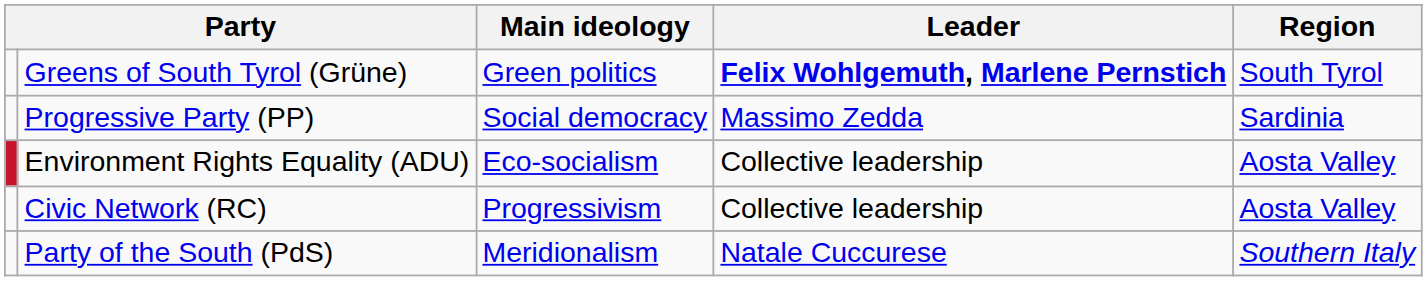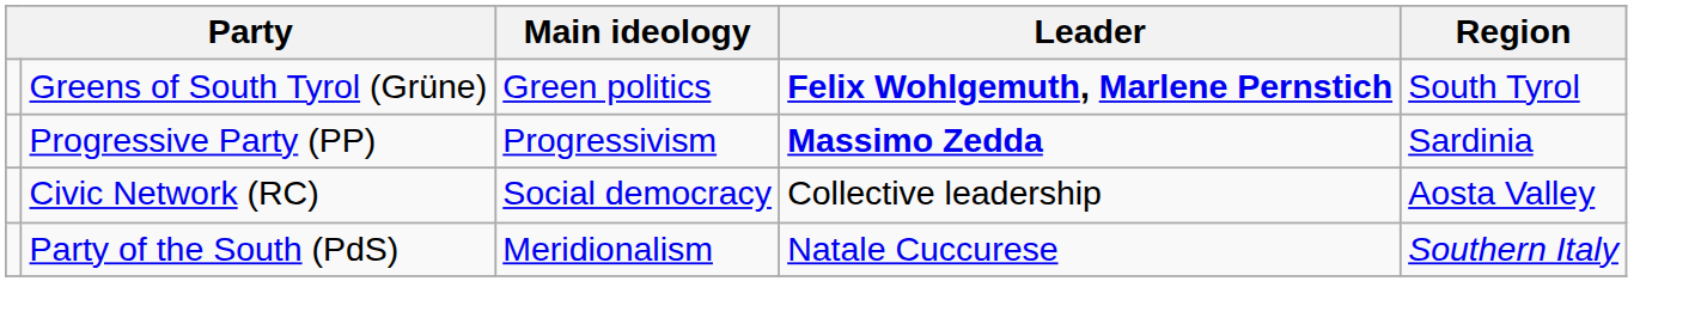 <table class=wikitable style=text-align:left>
 <tr>
 <th colspan=2>Party</th>
 <th>Main ideology</th>
 <th>Leader</th>
 <th>Region</th>
 </tr>
 <tr>
 <td></td>
 <td><a href='#'>Greens of South Tyrol</a> (Grüne)</td>
 <td><a href='#'>Green politics</a></td>
 <td><strong><a href='#'>Felix Wohlgemuth</a>, <a href='#'>Marlene Pernstich</a></strong></td>
 <td><a href='#'>South Tyrol</a></td>
 </tr>
 <tr>
 <td></td>
 <td><a href='#'>Progressive Party</a> (PP)</td>
-<td><a href='#'>Social democracy</a></td>
-<td><a href='#'>Massimo Zedda</a></td>
+<td><a href='#'>Progressivism</a></td>
+<td><strong><a href='#'>Massimo Zedda</a></strong></td>
 <td><a href='#'>Sardinia</a></td>
-</tr>
-<tr>
-<td bgcolor="#c7142a"></td>
-<td>Environment Rights Equality (ADU)</td>
-<td><a href='#'>Eco-socialism</a></td>
-<td>Collective leadership</td>
-<td><a href='#'>Aosta Valley</a></td>
 </tr>
 <tr>
 <td></td>
 <td><a href='#'>Civic Network</a> (RC)</td>
-<td><a href='#'>Progressivism</a></td>
+<td><a href='#'>Social democracy</a></td>
 <td>Collective leadership</td>
 <td><a href='#'>Aosta Valley</a></td>
 </tr>
 <tr>
 <td></td>
 <td><a href='#'>Party of the South</a> (PdS)</td>
 <td><a href='#'>Meridionalism</a></td>
 <td><a href='#'>Natale Cuccurese</a></td>
 <td><em><a href='#'>Southern Italy</a></em></td>
 </tr>
 </table>
